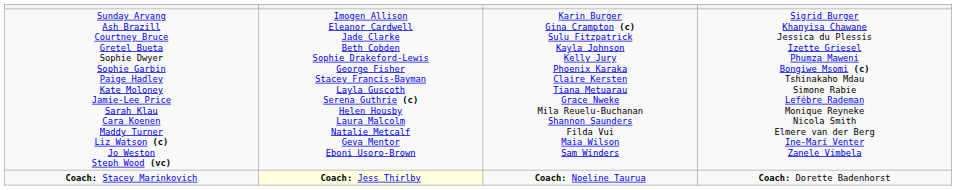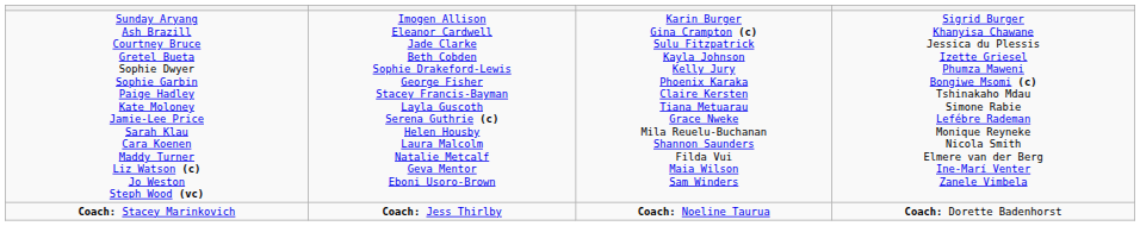 <table class=wikitable width=100% style="text-align:center; font-size:90%">
 <tr>
 <th></th>
 <th></th>
 <th></th>
 <th></th>
 </tr>
 <tr valign=top>
 <td><a href='#'>Sunday Aryang</a><br><a href='#'>Ash Brazill</a><br><a href='#'>Courtney Bruce</a><br><a href='#'>Gretel Bueta</a><br>Sophie Dwyer<br><a href='#'>Sophie Garbin</a><br><a href='#'>Paige Hadley</a><br><a href='#'>Kate Moloney</a><br><a href='#'>Jamie-Lee Price</a><br><a href='#'>Sarah Klau</a><br><a href='#'>Cara Koenen</a><br><a href='#'>Maddy Turner</a><br><a href='#'>Liz Watson</a> <strong>(c)</strong><br><a href='#'>Jo Weston</a><br><a href='#'>Steph Wood</a> <strong>(vc)</strong></td>
 <td><a href='#'>Imogen Allison</a><br><a href='#'>Eleanor Cardwell</a><br><a href='#'>Jade Clarke</a><br><a href='#'>Beth Cobden</a><br><a href='#'>Sophie Drakeford-Lewis</a><br><a href='#'>George Fisher</a><br><a href='#'>Stacey Francis-Bayman</a><br><a href='#'>Layla Guscoth</a><br><a href='#'>Serena Guthrie</a> <strong>(c)</strong><br><a href='#'>Helen Housby</a><br><a href='#'>Laura Malcolm</a><br><a href='#'>Natalie Metcalf</a><br><a href='#'>Geva Mentor</a><br><a href='#'>Eboni Usoro-Brown</a></td>
 <td><a href='#'>Karin Burger</a><br><a href='#'>Gina Crampton</a> <strong>(c)</strong><br><a href='#'>Sulu Fitzpatrick</a><br><a href='#'>Kayla Johnson</a><br><a href='#'>Kelly Jury</a><br><a href='#'>Phoenix Karaka</a><br><a href='#'>Claire Kersten</a><br><a href='#'>Tiana Metuarau</a><br><a href='#'>Grace Nweke</a><br>Mila Reuelu-Buchanan<br><a href='#'>Shannon Saunders</a><br>Filda Vui<br><a href='#'>Maia Wilson</a><br><a href='#'>Sam Winders</a></td>
 <td><a href='#'>Sigrid Burger</a><br><a href='#'>Khanyisa Chawane</a><br>Jessica du Plessis<br><a href='#'>Izette Griesel</a><br><a href='#'>Phumza Maweni</a><br><a href='#'>Bongiwe Msomi</a> <strong>(c)</strong><br>Tshinakaho Mdau<br>Simone Rabie<br><a href='#'>Lefébre Rademan</a><br>Monique Reyneke<br>Nicola Smith<br>Elmere van der Berg<br><a href='#'>Ine-Marí Venter</a><br><a href='#'>Zanele Vimbela</a></td>
 </tr>
 <tr>
 <td> <strong>Coach:</strong> <a href='#'>Stacey Marinkovich</a></td>
-<td style="background: lightyellow;"> <strong>Coach:</strong> <a href='#'>Jess Thirlby</a></td>
+<td> <strong>Coach:</strong> <a href='#'>Jess Thirlby</a></td>
 <td> <strong>Coach:</strong> <a href='#'>Noeline Taurua</a></td>
 <td> <strong>Coach:</strong> Dorette Badenhorst</td>
 </tr>
 </table>
